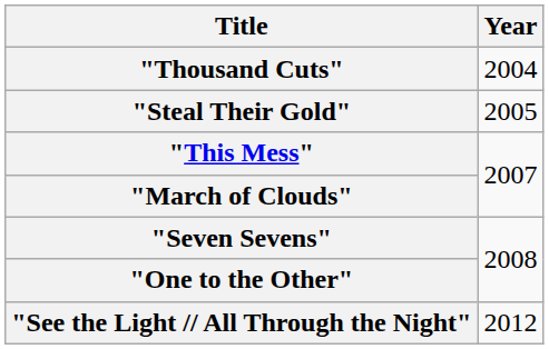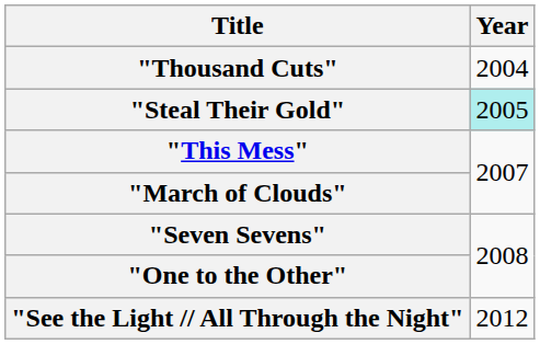 <table class="wikitable plainrowheaders">
 <tr>
 <th scope="col">Title</th>
 <th scope="col">Year</th>
 </tr>
 <tr>
 <th scope="row">"Thousand Cuts"</th>
 <td>2004</td>
 </tr>
 <tr>
 <th scope="row">"Steal Their Gold"</th>
-<td>2005</td>
+<td style="background: paleturquoise;">2005</td>
 </tr>
 <tr>
 <th scope="row">"<a href='#'>This Mess</a>"</th>
 <td rowspan="2">2007</td>
 </tr>
 <tr>
 <th scope="row">"March of Clouds"</th>
 </tr>
 <tr>
 <th scope="row">"Seven Sevens"</th>
 <td rowspan="2">2008</td>
 </tr>
 <tr>
 <th scope="row">"One to the Other"</th>
 </tr>
 <tr>
 <th scope="row">"See the Light // All Through the Night"</th>
 <td>2012</td>
 </tr>
 </table>
